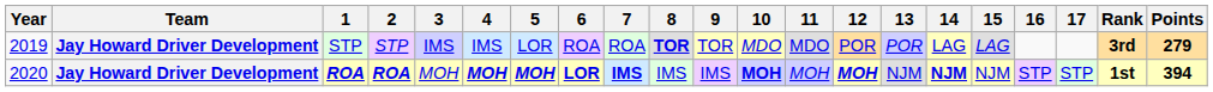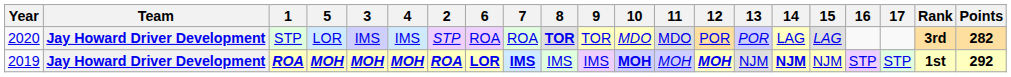 <table class="wikitable" style="text-align:center; font-size:85%">
 <tr>
 <th>Year</th>
 <th>Team</th>
 <th>1</th>
-<th>2</th>
+<th>5</th>
 <th>3</th>
 <th>4</th>
-<th>5</th>
+<th>2</th>
 <th>6</th>
 <th>7</th>
 <th>8</th>
 <th>9</th>
 <th>10</th>
 <th>11</th>
 <th>12</th>
 <th>13</th>
 <th>14</th>
 <th>15</th>
 <th>16</th>
 <th>17</th>
 <th>Rank</th>
 <th>Points</th>
 </tr>
 <tr>
-<td><a href='#'>2019</a></td>
+<td><a href='#'>2020</a></td>
 <th nowrap><a href='#'>Jay Howard Driver Development</a></th>
 <td style="background:#DFFFDF;"><a href='#'>STP</a><br></td>
-<td style="background:#EFCFFF;"><a href='#'><em>STP</em></a><br></td>
+<td style="background:#CFEAFF;"><a href='#'>LOR</a><br></td>
 <td style="background:#CFCFFF;"><a href='#'>IMS</a><br></td>
 <td style="background:#CFEAFF;"><a href='#'>IMS</a><br></td>
-<td style="background:#CFEAFF;"><a href='#'>LOR</a><br></td>
+<td style="background:#EFCFFF;"><a href='#'><em>STP</em></a><br></td>
 <td style="background:#EFCFFF;"><a href='#'>ROA</a><br></td>
 <td style="background:#DFFFDF;"><a href='#'>ROA</a><br></td>
 <td style="background:#DFDFDF;"><a href='#'><strong>TOR</strong></a><br></td>
 <td style="background:#FFFFBF;"><a href='#'>TOR</a><br></td>
 <td style="background:#FFFFBF;"><a href='#'><em>MDO</em></a><br></td>
 <td style="background:#DFDFDF;"><a href='#'>MDO</a><br></td>
 <td style="background:#FFDF9F;"><a href='#'>POR</a><br></td>
 <td style="background:#CFCFFF;"><a href='#'><em>POR</em></a><br></td>
 <td style="background:#FFFFBF;"><a href='#'>LAG</a><br></td>
 <td style="background:#DFDFDF;"><a href='#'><em>LAG</em></a><br></td>
 <td></td>
 <td></td>
 <th style="background:#FFDF9F;">3rd</th>
-<th style="background:#FFDF9F;">279</th>
+<th style="background:#FFDF9F;">282</th>
 </tr>
 <tr>
-<td><a href='#'>2020</a></td>
+<td><a href='#'>2019</a></td>
 <th nowrap><a href='#'>Jay Howard Driver Development</a></th>
 <td style="background:#FFFFBF;"><a href='#'><strong><em>ROA</em></strong></a><br></td>
+<td style="background:#FFFFBF;"><a href='#'><strong><em>MOH</em></strong></a><br></td>
+<td style="background:#FFFFBF;"><strong><a href='#'><em>MOH</em></a><br></strong></td>
+<td style="background:#FFFFBF;"><a href='#'><strong><em>MOH</em></strong></a><br></td>
 <td style="background:#FFFFBF;"><a href='#'><strong><em>ROA</em></strong></a><br></td>
-<td style="background:#FFFFBF;"><a href='#'><em>MOH</em></a><br></td>
-<td style="background:#FFFFBF;"><a href='#'><strong><em>MOH</em></strong></a><br></td>
-<td style="background:#FFFFBF;"><a href='#'><strong><em>MOH</em></strong></a><br></td>
 <td style="background:#FFFFBF;"><a href='#'><strong>LOR</strong></a><br></td>
 <td style="background:#CFEAFF;"><strong><a href='#'>IMS</a><br></strong></td>
 <td style="background:#DFFFDF;"><a href='#'>IMS</a><br></td>
 <td style="background:#EFCFFF;"><a href='#'>IMS</a><br></td>
 <td style="background:#CFCFFF;"><a href='#'><strong>MOH</strong></a><br></td>
 <td style="background:#CFCFFF;"><a href='#'><em>MOH</em></a><br></td>
 <td style="background:#FFFFBF;"><a href='#'><strong><em>MOH</em></strong></a><br></td>
 <td style="background:#DFDFDF;"><a href='#'>NJM</a><br></td>
 <td style="background:#FFFFBF;"><a href='#'><strong>NJM</strong></a><br></td>
 <td style="background:#FFFFBF;"><a href='#'>NJM</a><br></td>
 <td style="background:#EFCFFF;"><a href='#'>STP</a><br></td>
 <td style="background:#DFFFDF;"><a href='#'>STP</a><br></td>
 <th style="background:#FFFFBF;">1st</th>
-<th style="background:#FFFFBF;">394</th>
+<th style="background:#FFFFBF;">292</th>
 </tr>
 </table>
